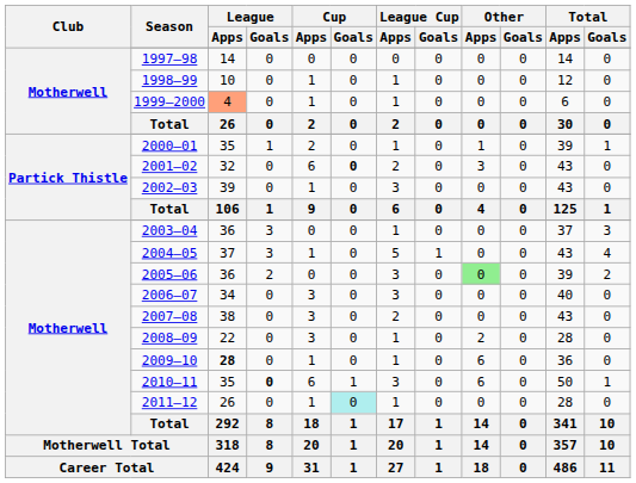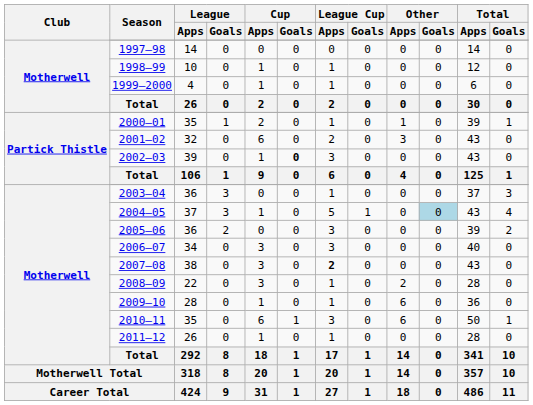 <table class="wikitable" border="1">
 <tr>
 <th rowspan=2>Club</th>
 <th rowspan=2>Season</th>
 <th colspan=2>League</th>
 <th colspan=2>Cup</th>
 <th colspan=2>League Cup</th>
 <th colspan=2>Other</th>
 <th colspan=2>Total</th>
 </tr>
 <tr>
 <th>Apps</th>
 <th>Goals</th>
 <th>Apps</th>
 <th>Goals</th>
 <th>Apps</th>
 <th>Goals</th>
 <th>Apps</th>
 <th>Goals</th>
 <th>Apps</th>
 <th>Goals</th>
 </tr>
 <tr align=center>
 <th rowspan=5><a href='#'>Motherwell</a></th>
 </tr>
 <tr align=center>
 <td><a href='#'>1997–98</a></td>
 <td>14</td>
 <td>0</td>
 <td>0</td>
 <td>0</td>
 <td>0</td>
 <td>0</td>
 <td>0</td>
 <td>0</td>
 <td>14</td>
 <td>0</td>
 </tr>
 <tr align=center>
 <td><a href='#'>1998–99</a></td>
 <td>10</td>
 <td>0</td>
 <td>1</td>
 <td>0</td>
 <td>1</td>
 <td>0</td>
 <td>0</td>
 <td>0</td>
 <td>12</td>
 <td>0</td>
 </tr>
 <tr align=center>
 <td><a href='#'>1999–2000</a></td>
-<td style="background: lightsalmon;">4</td>
+<td>4</td>
 <td>0</td>
 <td>1</td>
 <td>0</td>
 <td>1</td>
 <td>0</td>
 <td>0</td>
 <td>0</td>
 <td>6</td>
 <td>0</td>
 </tr>
 <tr align=center>
 <th>Total</th>
 <th>26</th>
 <th>0</th>
 <th>2</th>
 <th>0</th>
 <th>2</th>
 <th>0</th>
 <th>0</th>
 <th>0</th>
 <th>30</th>
 <th>0</th>
 </tr>
 <tr align=center>
 <th rowspan=5><a href='#'>Partick Thistle</a></th>
 </tr>
 <tr align=center>
 <td><a href='#'>2000–01</a></td>
 <td>35</td>
 <td>1</td>
 <td>2</td>
 <td>0</td>
 <td>1</td>
 <td>0</td>
 <td>1</td>
 <td>0</td>
 <td>39</td>
 <td>1</td>
 </tr>
 <tr align=center>
 <td><a href='#'>2001–02</a></td>
 <td>32</td>
 <td>0</td>
 <td>6</td>
-<td><strong>0</strong></td>
+<td>0</td>
 <td>2</td>
 <td>0</td>
 <td>3</td>
 <td>0</td>
 <td>43</td>
 <td>0</td>
 </tr>
 <tr align=center>
 <td><a href='#'>2002–03</a></td>
 <td>39</td>
 <td>0</td>
 <td>1</td>
-<td>0</td>
+<td><strong>0</strong></td>
 <td>3</td>
 <td>0</td>
 <td>0</td>
 <td>0</td>
 <td>43</td>
 <td>0</td>
 </tr>
 <tr align=center>
 <th>Total</th>
 <th>106</th>
 <th>1</th>
 <th>9</th>
 <th>0</th>
 <th>6</th>
 <th>0</th>
 <th>4</th>
 <th>0</th>
 <th>125</th>
 <th>1</th>
 </tr>
 <tr align=center>
 <th rowspan=11><a href='#'>Motherwell</a></th>
 </tr>
 <tr align=center>
 <td><a href='#'>2003–04</a></td>
 <td>36</td>
 <td>3</td>
 <td>0</td>
 <td>0</td>
 <td>1</td>
 <td>0</td>
 <td>0</td>
 <td>0</td>
 <td>37</td>
 <td>3</td>
 </tr>
 <tr align=center>
 <td><a href='#'>2004–05</a></td>
 <td>37</td>
 <td>3</td>
 <td>1</td>
 <td>0</td>
 <td>5</td>
 <td>1</td>
 <td>0</td>
-<td>0</td>
+<td style="background: lightblue;">0</td>
 <td>43</td>
 <td>4</td>
 </tr>
 <tr align=center>
 <td><a href='#'>2005–06</a></td>
 <td>36</td>
 <td>2</td>
 <td>0</td>
 <td>0</td>
 <td>3</td>
 <td>0</td>
-<td style="background: lightgreen;">0</td>
+<td>0</td>
 <td>0</td>
 <td>39</td>
 <td>2</td>
 </tr>
 <tr align=center>
 <td><a href='#'>2006–07</a></td>
 <td>34</td>
 <td>0</td>
 <td>3</td>
 <td>0</td>
 <td>3</td>
 <td>0</td>
 <td>0</td>
 <td>0</td>
 <td>40</td>
 <td>0</td>
 </tr>
 <tr align=center>
 <td><a href='#'>2007–08</a></td>
 <td>38</td>
 <td>0</td>
 <td>3</td>
 <td>0</td>
-<td>2</td>
+<td><strong>2</strong></td>
 <td>0</td>
 <td>0</td>
 <td>0</td>
 <td>43</td>
 <td>0</td>
 </tr>
 <tr align=center>
 <td><a href='#'>2008–09</a></td>
 <td>22</td>
 <td>0</td>
 <td>3</td>
 <td>0</td>
 <td>1</td>
 <td>0</td>
 <td>2</td>
 <td>0</td>
 <td>28</td>
 <td>0</td>
 </tr>
 <tr align=center>
 <td><a href='#'>2009–10</a></td>
-<td><strong>28</strong></td>
+<td>28</td>
 <td>0</td>
 <td>1</td>
 <td>0</td>
 <td>1</td>
 <td>0</td>
 <td>6</td>
 <td>0</td>
 <td>36</td>
 <td>0</td>
 </tr>
 <tr align=center>
 <td><a href='#'>2010–11</a></td>
 <td>35</td>
-<td><strong>0</strong></td>
+<td>0</td>
 <td>6</td>
 <td>1</td>
 <td>3</td>
 <td>0</td>
 <td>6</td>
 <td>0</td>
 <td>50</td>
 <td>1</td>
 </tr>
 <tr align=center>
 <td><a href='#'>2011–12</a></td>
 <td>26</td>
 <td>0</td>
 <td>1</td>
-<td style="background: paleturquoise;">0</td>
+<td>0</td>
 <td>1</td>
 <td>0</td>
 <td>0</td>
 <td>0</td>
 <td>28</td>
 <td>0</td>
 </tr>
 <tr align=center>
 <th>Total</th>
 <th>292</th>
 <th>8</th>
 <th>18</th>
 <th>1</th>
 <th>17</th>
 <th>1</th>
 <th>14</th>
 <th>0</th>
 <th>341</th>
 <th>10</th>
 </tr>
 <tr align=center>
 <th colspan="2">Motherwell Total</th>
 <th>318</th>
 <th>8</th>
 <th>20</th>
 <th>1</th>
 <th>20</th>
 <th>1</th>
 <th>14</th>
 <th>0</th>
 <th>357</th>
 <th>10</th>
 </tr>
 <tr align=center>
 <th colspan="2">Career Total</th>
 <th>424</th>
 <th>9</th>
 <th>31</th>
 <th>1</th>
 <th>27</th>
 <th>1</th>
 <th>18</th>
 <th>0</th>
 <th>486</th>
 <th>11</th>
 </tr>
 </table>
